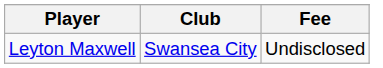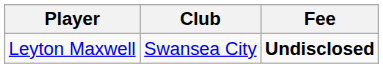 <table class="wikitable" style="text-align: center">
 <tr>
 </tr>
 <tr>
 <th>Player</th>
 <th>Club</th>
 <th>Fee</th>
 </tr>
 <tr>
 <td><a href='#'>Leyton Maxwell</a></td>
 <td><a href='#'>Swansea City</a></td>
-<td>Undisclosed</td>
+<td><strong>Undisclosed</strong></td>
 </tr>
 </table>
